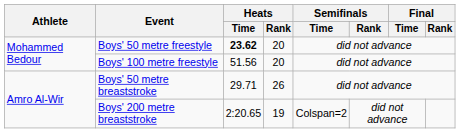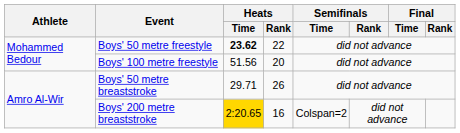 <table class=wikitable style="text-align:center;font-size:90%">
 <tr>
 <th rowspan=2>Athlete</th>
 <th rowspan=2>Event</th>
 <th colspan=2>Heats</th>
 <th colspan=2>Semifinals</th>
 <th colspan=2>Final</th>
 </tr>
 <tr style="font-size:95%">
 <th>Time</th>
 <th>Rank</th>
 <th>Time</th>
 <th>Rank</th>
 <th>Time</th>
 <th>Rank</th>
 </tr>
 <tr>
 <td rowspan=2 align=left><a href='#'>Mohammed Bedour</a></td>
 <td align=left><a href='#'>Boys' 50 metre freestyle</a></td>
 <td><strong>23.62</strong></td>
-<td>20</td>
+<td>22</td>
 <td Colspan=4><em>did not advance</em></td>
 </tr>
 <tr>
 <td align=left><a href='#'>Boys' 100 metre freestyle</a></td>
 <td>51.56</td>
 <td>20</td>
 <td Colspan=4><em>did not advance</em></td>
 </tr>
 <tr>
 <td rowspan=2 align=left><a href='#'>Amro Al-Wir</a></td>
 <td align=left><a href='#'>Boys' 50 metre breaststroke</a></td>
 <td>29.71</td>
 <td>26</td>
 <td Colspan=4><em>did not advance</em></td>
 </tr>
 <tr>
 <td align=left><a href='#'>Boys' 200 metre breaststroke</a></td>
-<td>2:20.65</td>
-<td>19</td>
+<td style="background: gold;">2:20.65</td>
+<td>16</td>
 <td>Colspan=2 </td>
 <td Colspan=2><em>did not advance</em></td>
 </tr>
 </table>
